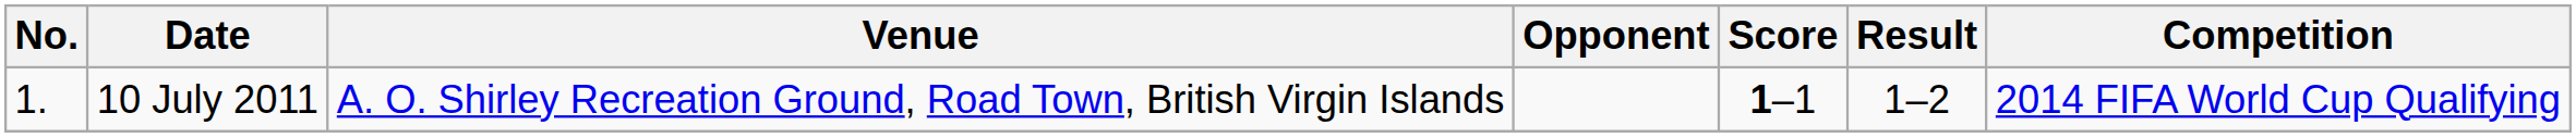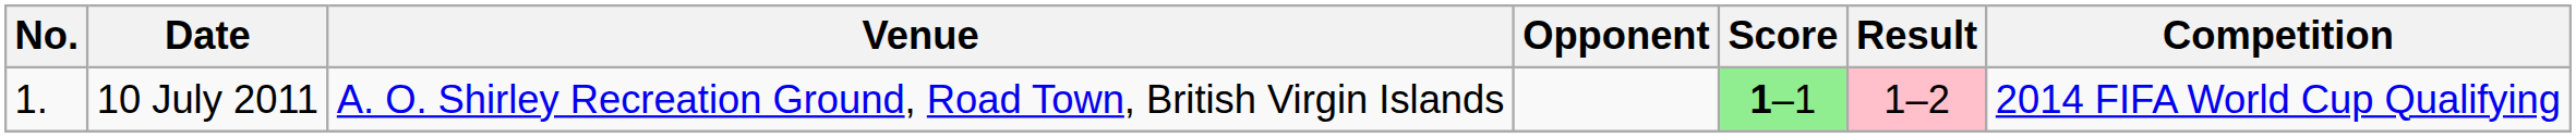 <table class="wikitable plainrowheaders sortable">
 <tr>
 <th>No.</th>
 <th>Date</th>
 <th>Venue</th>
 <th>Opponent</th>
 <th>Score</th>
 <th>Result</th>
 <th>Competition</th>
 </tr>
 <tr>
 <td>1.</td>
 <td>10 July 2011</td>
 <td><a href='#'>A. O. Shirley Recreation Ground</a>, <a href='#'>Road Town</a>, British Virgin Islands</td>
 <td></td>
-<td align=center><strong>1</strong>–1</td>
-<td align=center>1–2</td>
+<td align=center style="background: lightgreen;"><strong>1</strong>–1</td>
+<td align=center style="background: pink;">1–2</td>
 <td><a href='#'>2014 FIFA World Cup Qualifying</a></td>
 </tr>
 <tr>
 </tr>
 </table>
